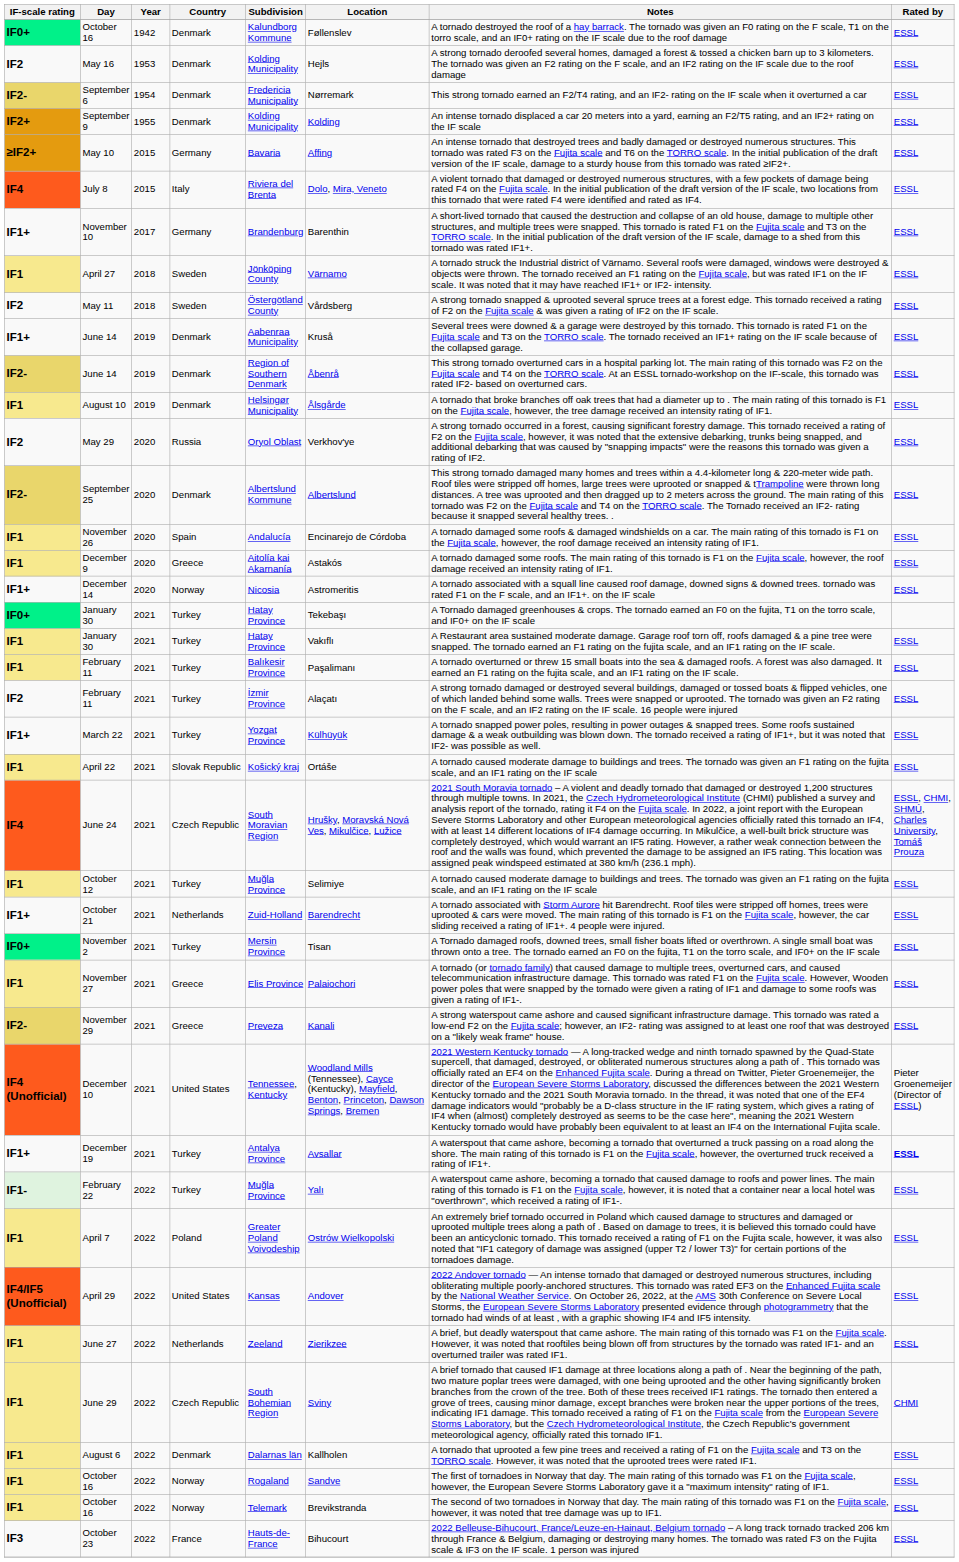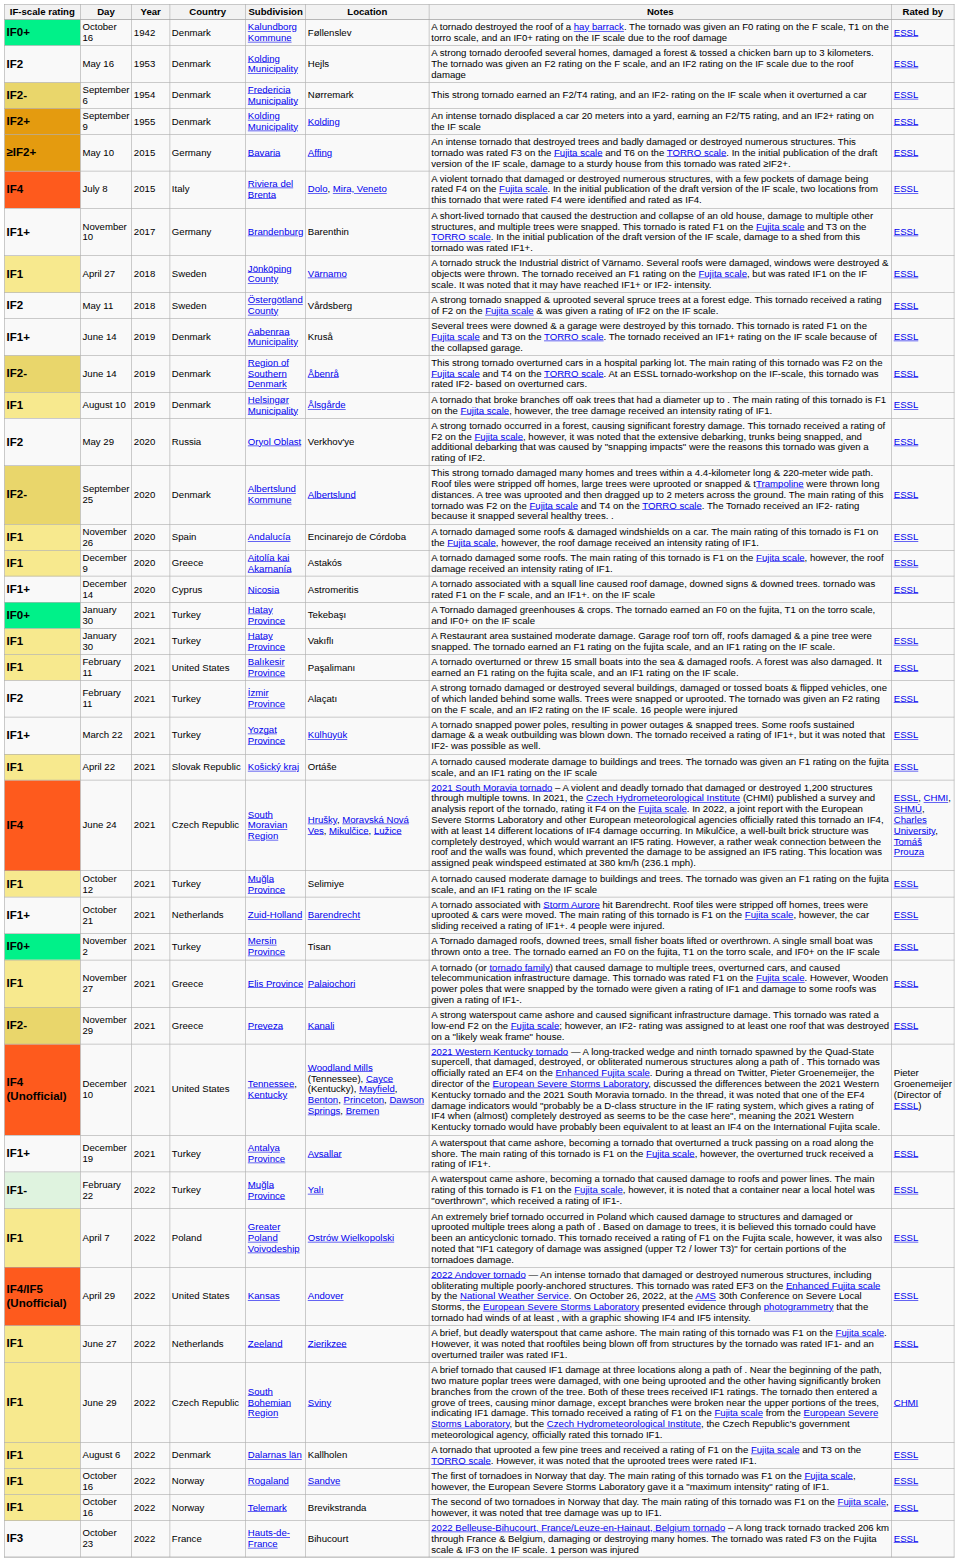 <table class="wikitable sortable" style="width:100%;">
 <tr>
 <th scope="col" style="width:8%;">IF-scale rating</th>
 <th scope="col" style="width:5%;">Day</th>
 <th scope="col" style="width:4%;">Year</th>
 <th scope="col" style="width:8%;">Country</th>
 <th scope="col" style="width:4%;">Subdivision</th>
 <th scope="col" style="width:13%;" class="unsortable">Location</th>
 <th scope="col" class="unsortable">Notes</th>
 <th scope="col" style="width:4%;">Rated by</th>
 </tr>
 <tr style="background:#BB8899;">
 </tr>
 <tr>
 <td bgcolor="#00F189"><big><strong>IF0+</strong></big></td>
 <td>October 16</td>
 <td>1942</td>
 <td>Denmark</td>
 <td><a href='#'>Kalundborg Kommune</a></td>
 <td>Føllenslev</td>
 <td>A tornado destroyed the roof of a <a href='#'>hay barrack</a>. The tornado was given an F0 rating on the F scale, T1 on the torro scale, and an IF0+ rating on the IF scale due to the roof damage</td>
 <td><a href='#'>ESSL</a></td>
 </tr>
 <tr>
 <td><big><strong>IF2</strong></big></td>
 <td>May 16</td>
 <td>1953</td>
 <td>Denmark</td>
 <td><a href='#'>Kolding Municipality</a></td>
 <td>Hejls</td>
 <td>A strong tornado deroofed several homes, damaged a forest & tossed a chicken barn up to 3 kilometers. The tornado was given an F2 rating on the F scale, and an IF2 rating on the IF scale due to the roof damage</td>
 <td><a href='#'>ESSL</a></td>
 </tr>
 <tr>
 <td bgcolor="#E9D66B"><big><strong>IF2-</strong></big></td>
 <td>September 6</td>
 <td>1954</td>
 <td>Denmark</td>
 <td><a href='#'>Fredericia Municipality</a></td>
 <td>Nørremark</td>
 <td>This strong tornado earned an F2/T4 rating, and an IF2- rating on the IF scale when it overturned a car</td>
 <td><a href='#'>ESSL</a></td>
 </tr>
 <tr>
 <td bgcolor="#E49B0F"><big><strong>IF2+</strong></big></td>
 <td>September 9</td>
 <td>1955</td>
 <td>Denmark</td>
 <td><a href='#'>Kolding Municipality</a></td>
 <td><a href='#'>Kolding</a></td>
 <td>An intense tornado displaced a car 20 meters into a yard, earning an F2/T5 rating, and an IF2+ rating on the IF scale</td>
 <td><a href='#'>ESSL</a></td>
 </tr>
 <tr>
 <td bgcolor="#E49B0F"><big><strong>≥IF2+</strong></big></td>
 <td>May 10</td>
 <td>2015</td>
 <td>Germany</td>
 <td><a href='#'>Bavaria</a></td>
 <td><a href='#'>Affing</a></td>
 <td>An intense tornado that destroyed trees and badly damaged or destroyed numerous structures. This tornado was rated F3 on the <a href='#'>Fujita scale</a> and T6 on the <a href='#'>TORRO scale</a>. In the initial publication of the draft version of the IF scale, damage to a sturdy house from this tornado was rated ≥IF2+.</td>
 <td><a href='#'>ESSL</a></td>
 </tr>
 <tr>
 <td bgcolor="#FE5A1D"><big><strong>IF4</strong></big></td>
 <td>July 8</td>
 <td>2015</td>
 <td>Italy</td>
 <td><a href='#'>Riviera del Brenta</a></td>
 <td><a href='#'>Dolo</a>, <a href='#'>Mira, Veneto</a></td>
 <td>A violent tornado that damaged or destroyed numerous structures, with a few pockets of damage being rated F4 on the <a href='#'>Fujita scale</a>. In the initial publication of the draft version of the IF scale, two locations from this tornado that were rated F4 were identified and rated as IF4.</td>
 <td><a href='#'>ESSL</a></td>
 </tr>
 <tr>
 <td><big><strong>IF1+</strong></big></td>
 <td>November 10</td>
 <td>2017</td>
 <td>Germany</td>
 <td><a href='#'>Brandenburg</a></td>
 <td>Barenthin</td>
 <td>A short-lived tornado that caused the destruction and collapse of an old house, damage to multiple other structures, and multiple trees were snapped. This tornado is rated F1 on the <a href='#'>Fujita scale</a> and T3 on the <a href='#'>TORRO scale</a>. In the initial publication of the draft version of the IF scale, damage to a shed from this tornado was rated IF1+.</td>
 <td><a href='#'>ESSL</a></td>
 </tr>
 <tr>
 <td bgcolor="#F7E98E"><big><strong>IF1</strong></big></td>
 <td>April 27</td>
 <td>2018</td>
 <td>Sweden</td>
 <td><a href='#'>Jönköping County</a></td>
 <td><a href='#'>Värnamo</a></td>
 <td>A tornado struck the Industrial district of Värnamo. Several roofs were damaged, windows were destroyed & objects were thrown. The tornado received an F1 rating on the <a href='#'>Fujita scale</a>, but was rated IF1 on the IF scale. It was noted that it may have reached IF1+ or IF2- intensity.</td>
 <td><a href='#'>ESSL</a></td>
 </tr>
 <tr>
 <td><big><strong>IF2</strong></big></td>
 <td>May 11</td>
 <td>2018</td>
 <td>Sweden</td>
 <td><a href='#'>Östergötland County</a></td>
 <td>Vårdsberg</td>
 <td>A strong tornado snapped & uprooted several spruce trees at a forest edge. This tornado received a rating of F2 on the <a href='#'>Fujita scale</a> & was given a rating of IF2 on the IF scale.</td>
 <td><a href='#'>ESSL</a></td>
 </tr>
 <tr>
 <td><big><strong>IF1+</strong></big></td>
 <td>June 14</td>
 <td>2019</td>
 <td>Denmark</td>
 <td><a href='#'>Aabenraa Municipality</a></td>
 <td>Kruså</td>
 <td>Several trees were downed & a garage were destroyed by this tornado. This tornado is rated F1 on the <a href='#'>Fujita scale</a> and T3 on the <a href='#'>TORRO scale</a>. The tornado received an IF1+ rating on the IF scale because of the collapsed garage.</td>
 <td><a href='#'>ESSL</a></td>
 </tr>
 <tr>
 <td bgcolor="#E9D66B"><big><strong>IF2-</strong></big></td>
 <td>June 14</td>
 <td>2019</td>
 <td>Denmark</td>
 <td><a href='#'>Region of Southern Denmark</a></td>
 <td><a href='#'>Åbenrå</a></td>
 <td>This strong tornado overturned cars in a hospital parking lot. The main rating of this tornado was F2 on the <a href='#'>Fujita scale</a> and T4 on the <a href='#'>TORRO scale</a>. At an ESSL tornado-workshop on the IF-scale, this tornado was rated IF2- based on overturned cars.</td>
 <td><a href='#'>ESSL</a></td>
 </tr>
 <tr>
 <td bgcolor="#F7E98E"><big><strong>IF1</strong></big></td>
 <td>August 10</td>
 <td>2019</td>
 <td>Denmark</td>
 <td><a href='#'>Helsingør Municipality</a></td>
 <td><a href='#'>Ålsgårde</a></td>
 <td>A tornado that broke branches off oak trees that had a diameter up to . The main rating of this tornado is F1 on the <a href='#'>Fujita scale</a>, however, the tree damage received an intensity rating of IF1.</td>
 <td><a href='#'>ESSL</a></td>
 </tr>
 <tr>
 <td><big><strong>IF2</strong></big></td>
 <td>May 29</td>
 <td>2020</td>
 <td>Russia</td>
 <td><a href='#'>Oryol Oblast</a></td>
 <td>Verkhov'ye</td>
 <td>A strong tornado occurred in a forest, causing significant forestry damage. This tornado received a rating of F2 on the <a href='#'>Fujita scale</a>, however, it was noted that the extensive debarking, trunks being snapped, and additional debarking that was caused by "snapping impacts" were the reasons this tornado was given a rating of IF2.</td>
 <td><a href='#'>ESSL</a></td>
 </tr>
 <tr>
 <td bgcolor="#E9D66B"><big><strong>IF2-</strong></big></td>
 <td>September 25</td>
 <td>2020</td>
 <td>Denmark</td>
 <td><a href='#'>Albertslund Kommune</a></td>
 <td><a href='#'>Albertslund</a></td>
 <td>This strong tornado damaged many homes and trees within a 4.4-kilometer long & 220-meter wide path. Roof tiles were stripped off homes, large trees were uprooted or snapped & t<a href='#'>Trampoline</a> were thrown long distances. A tree was uprooted and then dragged up to 2 meters across the ground. The main rating of this tornado was F2 on the <a href='#'>Fujita scale</a> and T4 on the <a href='#'>TORRO scale</a>. The Tornado received an IF2- rating because it snapped several healthy trees. .</td>
 <td><a href='#'>ESSL</a></td>
 </tr>
 <tr>
 <td bgcolor="#F7E98E"><big><strong>IF1</strong></big></td>
 <td>November 26</td>
 <td>2020</td>
 <td>Spain</td>
 <td><a href='#'>Andalucía</a></td>
 <td>Encinarejo de Córdoba</td>
 <td>A tornado damaged some roofs & damaged windshields on a car. The main rating of this tornado is F1 on the <a href='#'>Fujita scale</a>, however, the roof damage received an intensity rating of IF1.</td>
 <td><a href='#'>ESSL</a></td>
 </tr>
 <tr>
 <td bgcolor="#F7E98E"><big><strong>IF1</strong></big></td>
 <td>December 9</td>
 <td>2020</td>
 <td>Greece</td>
 <td><a href='#'>Aitolía kai Akarnanía</a></td>
 <td>Astakós</td>
 <td>A tornado damaged some roofs. The main rating of this tornado is F1 on the <a href='#'>Fujita scale</a>, however, the roof damage received an intensity rating of IF1.</td>
 <td><a href='#'>ESSL</a></td>
 </tr>
 <tr>
 <td><big><strong>IF1+</strong></big></td>
 <td>December 14</td>
 <td>2020</td>
-<td>Norway</td>
+<td>Cyprus</td>
 <td><a href='#'>Nicosia</a></td>
 <td>Astromeritis</td>
 <td>A tornado associated with a squall line caused roof damage, downed signs & downed trees. tornado was rated F1 on the F scale, and an IF1+. on the IF scale</td>
 <td><a href='#'>ESSL</a></td>
 </tr>
 <tr>
 <td bgcolor="#00F189"><big><strong>IF0+</strong></big></td>
 <td>January 30</td>
 <td>2021</td>
 <td>Turkey</td>
 <td><a href='#'>Hatay Province</a></td>
 <td>Tekebaşı</td>
 <td>A Tornado damaged greenhouses & crops. The tornado earned an F0 on the fujita, T1 on the torro scale, and IF0+ on the IF scale</td>
 </tr>
 <tr>
 <td bgcolor="#F7E98E"><big><strong>IF1</strong></big></td>
 <td>January 30</td>
 <td>2021</td>
 <td>Turkey</td>
 <td><a href='#'>Hatay Province</a></td>
 <td>Vakıflı</td>
 <td>A Restaurant area sustained moderate damage. Garage roof torn off, roofs damaged & a pine tree were snapped. The tornado earned an F1 rating on the fujita scale, and an IF1 rating on the IF scale.</td>
 <td><a href='#'>ESSL</a></td>
 </tr>
 <tr>
 <td bgcolor="#F7E98E"><big><strong>IF1</strong></big></td>
 <td>February 11</td>
 <td>2021</td>
-<td>Turkey</td>
+<td>United States</td>
 <td><a href='#'>Balıkesir Province</a></td>
 <td>Paşalimanı</td>
 <td>A tornado overturned or threw 15 small boats into the sea & damaged roofs. A forest was also damaged. It earned an F1 rating on the fujita scale, and an IF1 rating on the IF scale.</td>
 <td><a href='#'>ESSL</a></td>
 </tr>
 <tr>
 <td><big><strong>IF2</strong></big></td>
 <td>February 11</td>
 <td>2021</td>
 <td>Turkey</td>
 <td><a href='#'>İzmir Province</a></td>
 <td>Alaçatı</td>
 <td>A strong tornado damaged or destroyed several buildings, damaged or tossed boats & flipped vehicles, one of which landed behind some walls. Trees were snapped or uprooted. The tornado was given an F2 rating on the F scale, and an IF2 rating on the IF scale. 16 people were injured</td>
 <td><a href='#'>ESSL</a></td>
 </tr>
 <tr>
 <td><big><strong>IF1+</strong></big></td>
 <td>March 22</td>
 <td>2021</td>
 <td>Turkey</td>
 <td><a href='#'>Yozgat Province</a></td>
 <td><a href='#'>Külhüyük</a></td>
 <td>A tornado snapped power poles, resulting in power outages & snapped trees. Some roofs sustained damage & a weak outbuilding was blown down. The tornado received a rating of IF1+, but it was noted that IF2- was possible as well.</td>
 <td><a href='#'>ESSL</a></td>
 </tr>
 <tr>
 <td bgcolor="#F7E98E"><big><strong>IF1</strong></big></td>
 <td>April 22</td>
 <td>2021</td>
 <td>Slovak Republic</td>
 <td><a href='#'>Košický kraj</a></td>
 <td>Ortáše</td>
 <td>A tornado caused moderate damage to buildings and trees. The tornado was given an F1 rating on the fujita scale, and an IF1 rating on the IF scale</td>
 <td><a href='#'>ESSL</a></td>
 </tr>
 <tr>
 <td bgcolor="#FE5A1D"><big><strong>IF4</strong></big></td>
 <td>June 24</td>
 <td>2021</td>
 <td>Czech Republic</td>
 <td><a href='#'>South Moravian Region</a></td>
 <td><a href='#'>Hrušky</a>, <a href='#'>Moravská Nová Ves</a>, <a href='#'>Mikulčice</a>, <a href='#'>Lužice</a></td>
 <td><a href='#'>2021 South Moravia tornado</a> – A violent and deadly tornado that damaged or destroyed 1,200 structures through multiple towns. In 2021, the <a href='#'>Czech Hydrometeorological Institute</a> (CHMI) published a survey and analysis report of the tornado, rating it F4 on the <a href='#'>Fujita scale</a>. In 2022, a joint report with the European Severe Storms Laboratory and other European meteorological agencies officially rated this tornado an IF4, with at least 14 different locations of IF4 damage occurring. In Mikulčice, a well-built brick structure was completely destroyed, which would warrant an IF5 rating. However, a rather weak connection between the roof and the walls was found, which prevented the damage to be assigned an IF5 rating. This location was assigned peak windspeed estimated at 380 km/h (236.1 mph).</td>
 <td><a href='#'>ESSL</a>, <a href='#'>CHMI</a>, <a href='#'>SHMÚ</a>, <a href='#'>Charles University</a>, <a href='#'>Tomáš Prouza</a></td>
 </tr>
 <tr>
 <td bgcolor="#F7E98E"><big><strong>IF1</strong></big></td>
 <td>October 12</td>
 <td>2021</td>
 <td>Turkey</td>
 <td><a href='#'>Muğla Province </a></td>
 <td>Selimiye</td>
 <td>A tornado caused moderate damage to buildings and trees. The tornado was given an F1 rating on the fujita scale, and an IF1 rating on the IF scale</td>
 <td><a href='#'>ESSL</a></td>
 </tr>
 <tr>
 <td><big><strong>IF1+</strong></big></td>
 <td>October 21</td>
 <td>2021</td>
 <td>Netherlands</td>
 <td><a href='#'>Zuid-Holland</a></td>
 <td><a href='#'>Barendrecht</a></td>
 <td>A tornado associated with <a href='#'>Storm Aurore</a> hit Barendrecht. Roof tiles were stripped off homes, trees were uprooted & cars were moved. The main rating of this tornado is F1 on the <a href='#'>Fujita scale</a>, however, the car sliding received a rating of IF1+. 4 people were injured.</td>
 <td><a href='#'>ESSL</a></td>
 </tr>
 <tr>
 <td bgcolor="#00F189"><big><strong>IF0+</strong></big></td>
 <td>November 2</td>
 <td>2021</td>
 <td>Turkey</td>
 <td><a href='#'>Mersin Province</a></td>
 <td>Tisan</td>
 <td>A Tornado damaged roofs, downed trees, small fisher boats lifted or overthrown. A single small boat was thrown onto a tree. The tornado earned an F0 on the fujita, T1 on the torro scale, and IF0+ on the IF scale</td>
 <td><a href='#'>ESSL</a></td>
 </tr>
 <tr>
 <td bgcolor="#F7E98E"><big><strong>IF1</strong></big></td>
 <td>November 27</td>
 <td>2021</td>
 <td>Greece</td>
 <td><a href='#'>Elis Province</a></td>
 <td><a href='#'>Palaiochori</a></td>
 <td>A tornado (or <a href='#'>tornado family</a>) that caused damage to multiple trees, overturned cars, and caused telecommunication infrastructure damage. This tornado was rated F1 on the <a href='#'>Fujita scale</a>. However, Wooden power poles that were snapped by the tornado were given a rating of IF1 and damage to some roofs was given a rating of IF1-.</td>
 <td><a href='#'>ESSL</a></td>
 </tr>
 <tr>
 <td bgcolor="#E9D66B"><big><strong>IF2-</strong></big></td>
 <td>November 29</td>
 <td>2021</td>
 <td>Greece</td>
 <td><a href='#'>Preveza</a></td>
 <td><a href='#'>Kanali</a></td>
 <td>A strong waterspout came ashore and caused significant infrastructure damage. This tornado was rated a low-end F2 on the <a href='#'>Fujita scale</a>; however, an IF2- rating was assigned to at least one roof that was destroyed on a "likely weak frame" house.</td>
 <td><a href='#'>ESSL</a></td>
 </tr>
 <tr>
 <td bgcolor="#FE5A1D"><big><strong>IF4 (Unofficial)</strong></big></td>
 <td>December 10</td>
 <td>2021</td>
 <td>United States</td>
 <td><a href='#'>Tennessee</a>, <a href='#'>Kentucky</a></td>
 <td><a href='#'>Woodland Mills</a> (Tennessee), <a href='#'>Cayce</a> (Kentucky), <a href='#'>Mayfield</a>, <a href='#'>Benton</a>, <a href='#'>Princeton</a>, <a href='#'>Dawson Springs</a>, <a href='#'>Bremen</a></td>
 <td><a href='#'>2021 Western Kentucky tornado</a> — A long-tracked wedge and ninth tornado spawned by the Quad-State supercell, that damaged, destroyed, or obliterated numerous structures along a path of . This tornado was officially rated an EF4 on the <a href='#'>Enhanced Fujita scale</a>. During a thread on Twitter, Pieter Groenemeijer, the director of the <a href='#'>European Severe Storms Laboratory</a>, discussed the differences between the 2021 Western Kentucky tornado and the 2021 South Moravia tornado. In the thread, it was noted that one of the EF4 damage indicators would "probably be a D-class structure in the IF rating system, which gives a rating of IF4 when (almost) completely destroyed as seems to be the case here", meaning the 2021 Western Kentucky tornado would have probably been equivalent to at least an IF4 on the International Fujita scale.</td>
 <td>Pieter Groenemeijer (Director of <a href='#'>ESSL</a>)</td>
 </tr>
 <tr>
 <td><big><strong>IF1+</strong></big></td>
 <td>December 19</td>
 <td>2021</td>
 <td>Turkey</td>
 <td><a href='#'>Antalya Province</a></td>
 <td><a href='#'>Avsallar</a></td>
 <td>A waterspout that came ashore, becoming a tornado that overturned a truck passing on a road along the shore. The main rating of this tornado is F1 on the <a href='#'>Fujita scale</a>, however, the overturned truck received a rating of IF1+.</td>
-<td><strong><a href='#'>ESSL</a></strong></td>
+<td><a href='#'>ESSL</a></td>
 </tr>
 <tr>
 <td bgcolor="#DFF3DF"><big><strong>IF1-</strong></big></td>
 <td>February 22</td>
 <td>2022</td>
 <td>Turkey</td>
 <td><a href='#'>Muğla Province</a></td>
 <td><a href='#'>Yalı</a></td>
 <td>A waterspout came ashore, becoming a tornado that caused damage to roofs and power lines. The main rating of this tornado is F1 on the <a href='#'>Fujita scale</a>, however, it is noted that a container near a local hotel was "overthrown", which received a rating of IF1-.</td>
 <td><a href='#'>ESSL</a></td>
 </tr>
 <tr>
 <td bgcolor="#F7E98E"><big><strong>IF1</strong></big></td>
 <td>April 7</td>
 <td>2022</td>
 <td>Poland</td>
 <td><a href='#'>Greater Poland Voivodeship</a></td>
 <td><a href='#'>Ostrów Wielkopolski</a></td>
 <td>An extremely brief tornado occurred in Poland which caused damage to structures and damaged or uprooted multiple trees along a path of . Based on damage to trees, it is believed this tornado could have been an anticyclonic tornado. This tornado received a rating of F1 on the Fujita scale, however, it was also noted that "IF1 category of damage was assigned (upper T2 / lower T3)" for certain portions of the tornadoes damage.</td>
 <td><a href='#'>ESSL</a></td>
 </tr>
 <tr>
 <td bgcolor="#FE5A1D"><big><strong>IF4/IF5 (Unofficial)</strong></big></td>
 <td>April 29</td>
 <td>2022</td>
 <td>United States</td>
 <td><a href='#'>Kansas</a></td>
 <td><a href='#'>Andover</a></td>
 <td><a href='#'>2022 Andover tornado</a> — An intense tornado that damaged or destroyed numerous structures, including obliterating multiple poorly-anchored structures. This tornado was rated EF3 on the <a href='#'>Enhanced Fujita scale</a> by the <a href='#'>National Weather Service</a>. On October 26, 2022, at the <a href='#'>AMS</a> 30th Conference on Severe Local Storms, the <a href='#'>European Severe Storms Laboratory</a> presented evidence through <a href='#'>photogrammetry</a> that the tornado had winds of at least , with a graphic showing IF4 and IF5 intensity.</td>
 <td><a href='#'>ESSL</a></td>
 </tr>
 <tr>
 <td bgcolor="#F7E98E"><big><strong>IF1</strong></big></td>
 <td>June 27</td>
 <td>2022</td>
 <td>Netherlands</td>
 <td><a href='#'>Zeeland</a></td>
 <td><a href='#'>Zierikzee</a></td>
 <td>A brief, but deadly waterspout that came ashore. The main rating of this tornado was F1 on the <a href='#'>Fujita scale</a>. However, it was noted that rooftiles being blown off from structures by the tornado was rated IF1- and an overturned trailer was rated IF1.</td>
 <td><a href='#'>ESSL</a></td>
 </tr>
 <tr>
 <td bgcolor="#F7E98E"><big><strong>IF1</strong></big></td>
 <td>June 29</td>
 <td>2022</td>
 <td>Czech Republic</td>
 <td><a href='#'>South Bohemian Region</a></td>
 <td><a href='#'>Sviny</a></td>
 <td>A brief tornado that caused IF1 damage at three locations along a path of . Near the beginning of the path, two mature poplar trees were damaged, with one being uprooted and the other having significantly broken branches from the crown of the tree. Both of these trees received IF1 ratings. The tornado then entered a grove of trees, causing minor damage, except branches were broken near the upper portions of the trees, indicating IF1 damage. This tornado received a rating of F1 on the <a href='#'>Fujita scale</a> from the <a href='#'>European Severe Storms Laboratory</a>, but the <a href='#'>Czech Hydrometeorological Institute</a>, the Czech Republic's government meteorological agency, officially rated this tornado IF1.</td>
 <td><a href='#'>CHMI</a></td>
 </tr>
 <tr>
 <td bgcolor="#F7E98E"><big><strong>IF1</strong></big></td>
 <td>August 6</td>
 <td>2022</td>
 <td>Denmark</td>
 <td><a href='#'>Dalarnas län</a></td>
 <td>Kallholen</td>
 <td>A tornado that uprooted a few pine trees and received a rating of F1 on the <a href='#'>Fujita scale</a> and T3 on the <a href='#'>TORRO scale</a>. However, it was noted that the uprooted trees were rated IF1.</td>
 <td><a href='#'>ESSL</a></td>
 </tr>
 <tr>
 <td bgcolor="#F7E98E"><big><strong>IF1</strong></big></td>
 <td>October 16</td>
 <td>2022</td>
 <td>Norway</td>
 <td><a href='#'>Rogaland</a></td>
 <td><a href='#'>Sandve</a></td>
 <td>The first of tornadoes in Norway that day. The main rating of this tornado was F1 on the <a href='#'>Fujita scale</a>, however, the European Severe Storms Laboratory gave it a "maximum intensity" rating of IF1.</td>
 <td><a href='#'>ESSL</a></td>
 </tr>
 <tr>
 <td bgcolor="#F7E98E"><big><strong>IF1</strong></big></td>
 <td>October 16</td>
 <td>2022</td>
 <td>Norway</td>
 <td><a href='#'>Telemark</a></td>
 <td>Brevikstranda</td>
 <td>The second of two tornadoes in Norway that day. The main rating of this tornado was F1 on the <a href='#'>Fujita scale</a>, however, it was noted that tree damage was up to IF1.</td>
 <td><a href='#'>ESSL</a></td>
 </tr>
 <tr>
 <td><big><strong>IF3</strong></big></td>
 <td>October 23</td>
 <td>2022</td>
 <td>France</td>
 <td><a href='#'>Hauts-de-France</a></td>
 <td>Bihucourt</td>
 <td><a href='#'>2022 Belleuse-Bihucourt, France/Leuze-en-Hainaut, Belgium tornado</a> – A long track tornado tracked 206 km through France & Belgium, damaging or destroying many homes. The tornado was rated F3 on the Fujita scale & IF3 on the IF scale. 1 person was injured</td>
 <td><a href='#'>ESSL</a></td>
 </tr>
 <tr>
 </tr>
 </table>
